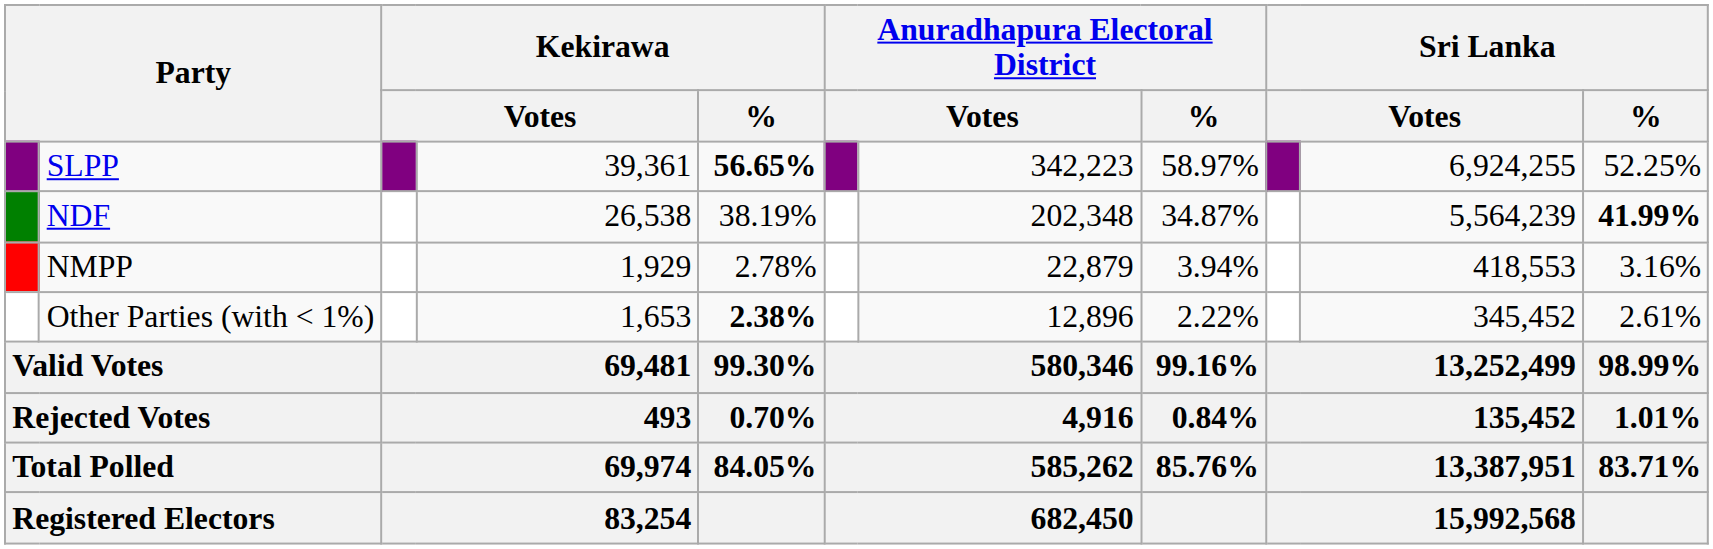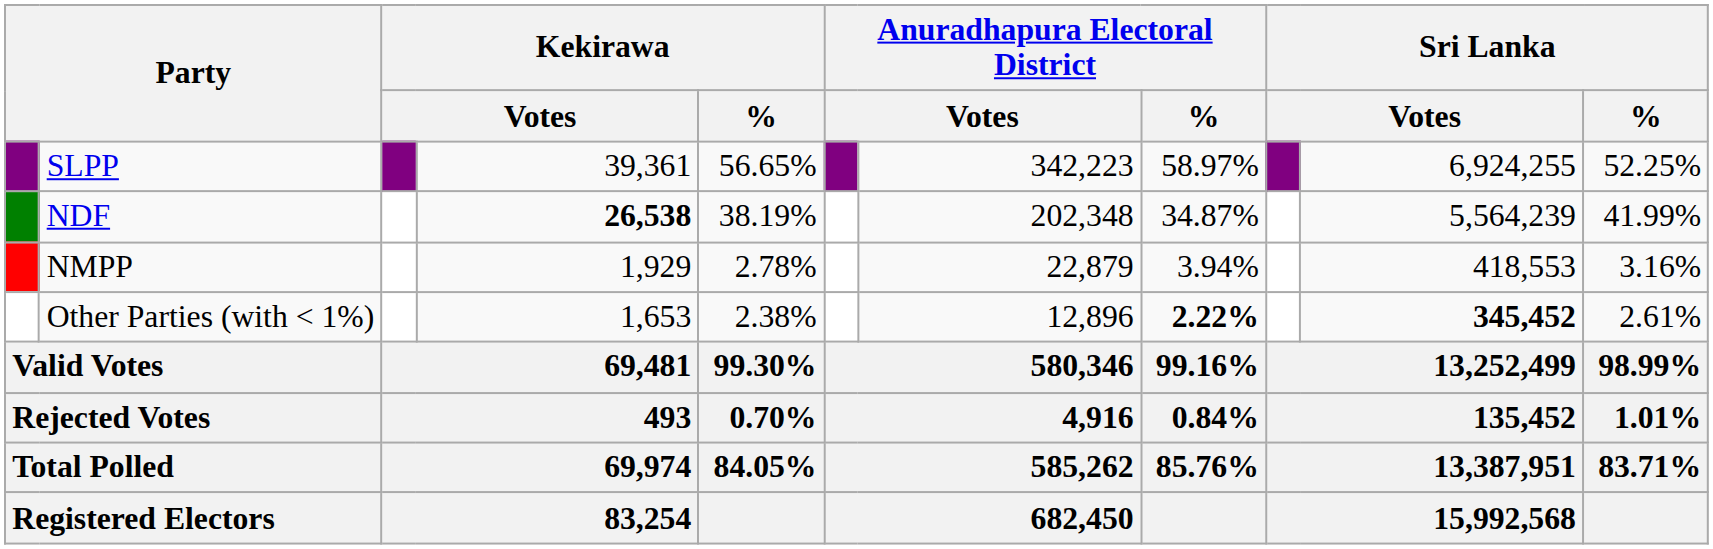 <table class="wikitable">
 <tr>
 <th colspan="2" width="144px"rowspan="2">Party</th>
 <th colspan="3" width="216px">Kekirawa</th>
 <th colspan="3" width="216px"><a href='#'>Anuradhapura Electoral District</a></th>
 <th colspan="3" width="216px">Sri Lanka</th>
 </tr>
 <tr>
 <th colspan="2" width="144px">Votes</th>
 <th>%</th>
 <th colspan="2" width="144px">Votes</th>
 <th>%</th>
 <th colspan="2" width="144px">Votes</th>
 <th>%</th>
 </tr>
 <tr>
 <td style="background-color:purple;" width="10px"></td>
 <td style="text-align:left;"><a href='#'>SLPP</a></td>
 <td style="background-color:purple;" width="10px"></td>
 <td style="text-align:right;">39,361</td>
-<td style="text-align:right;"><strong>56.65%</strong></td>
+<td style="text-align:right;">56.65%</td>
 <td style="background-color:purple;" width="10px"></td>
 <td style="text-align:right;">342,223</td>
 <td style="text-align:right;">58.97%</td>
 <td style="background-color:purple;" width="10px"></td>
 <td style="text-align:right;">6,924,255</td>
 <td style="text-align:right;">52.25%</td>
 </tr>
 <tr>
 <td style="background-color:green;" width="10px"></td>
 <td style="text-align:left;"><a href='#'>NDF</a></td>
 <td style="background-color:white;" width="10px"></td>
-<td style="text-align:right;">26,538</td>
+<td style="text-align:right;"><strong>26,538</strong></td>
 <td style="text-align:right;">38.19%</td>
 <td style="background-color:white;" width="10px"></td>
 <td style="text-align:right;">202,348</td>
 <td style="text-align:right;">34.87%</td>
 <td style="background-color:white;" width="10px"></td>
 <td style="text-align:right;">5,564,239</td>
-<td style="text-align:right;"><strong>41.99%</strong></td>
+<td style="text-align:right;">41.99%</td>
 </tr>
 <tr>
 <td style="background-color:red;" width="10px"></td>
 <td style="text-align:left;">NMPP</td>
 <td style="background-color:white;" width="10px"></td>
 <td style="text-align:right;">1,929</td>
 <td style="text-align:right;">2.78%</td>
 <td style="background-color:white;" width="10px"></td>
 <td style="text-align:right;">22,879</td>
 <td style="text-align:right;">3.94%</td>
 <td style="background-color:white;" width="10px"></td>
 <td style="text-align:right;">418,553</td>
 <td style="text-align:right;">3.16%</td>
 </tr>
 <tr>
 <td style="background-color:white;" width="10px"></td>
 <td style="text-align:left;">Other Parties (with < 1%)</td>
 <td style="background-color:white;" width="10px"></td>
 <td style="text-align:right;">1,653</td>
-<td style="text-align:right;"><strong>2.38%</strong></td>
+<td style="text-align:right;">2.38%</td>
 <td style="background-color:white;" width="10px"></td>
 <td style="text-align:right;">12,896</td>
-<td style="text-align:right;">2.22%</td>
+<td style="text-align:right;"><strong>2.22%</strong></td>
 <td style="background-color:white;" width="10px"></td>
-<td style="text-align:right;">345,452</td>
+<td style="text-align:right;"><strong>345,452</strong></td>
 <td style="text-align:right;">2.61%</td>
 </tr>
 <tr>
 <th colspan="2" width="144px"style="text-align:left;">Valid Votes</th>
 <th style="text-align:right;"colspan="2" width="144px">69,481</th>
 <th style="text-align:right;">99.30%</th>
 <th style="text-align:right;"colspan="2" width="144px">580,346</th>
 <th style="text-align:right;">99.16%</th>
 <th style="text-align:right;"colspan="2" width="144px">13,252,499</th>
 <th style="text-align:right;">98.99%</th>
 </tr>
 <tr>
 <th colspan="2" width="144px"style="text-align:left;">Rejected Votes</th>
 <th style="text-align:right;"colspan="2" width="144px">493</th>
 <th style="text-align:right;">0.70%</th>
 <th style="text-align:right;"colspan="2" width="144px">4,916</th>
 <th style="text-align:right;">0.84%</th>
 <th style="text-align:right;"colspan="2" width="144px">135,452</th>
 <th style="text-align:right;">1.01%</th>
 </tr>
 <tr>
 <th colspan="2" width="144px"style="text-align:left;">Total Polled</th>
 <th style="text-align:right;"colspan="2" width="144px">69,974</th>
 <th style="text-align:right;">84.05%</th>
 <th style="text-align:right;"colspan="2" width="144px">585,262</th>
 <th style="text-align:right;">85.76%</th>
 <th style="text-align:right;"colspan="2" width="144px">13,387,951</th>
 <th style="text-align:right;">83.71%</th>
 </tr>
 <tr>
 <th colspan="2" width="144px"style="text-align:left;">Registered Electors</th>
 <th style="text-align:right;"colspan="2" width="144px">83,254</th>
 <th></th>
 <th style="text-align:right;"colspan="2" width="144px">682,450</th>
 <th></th>
 <th style="text-align:right;"colspan="2" width="144px">15,992,568</th>
 <th></th>
 </tr>
 </table>
